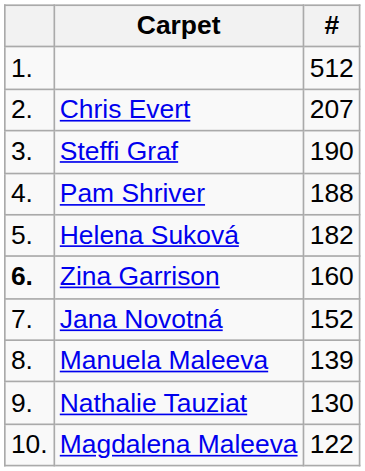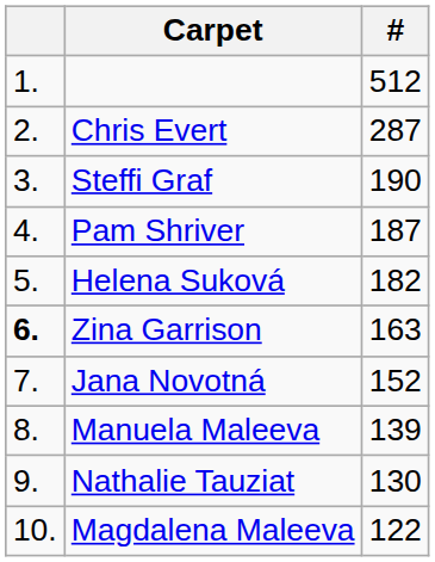 <table class="wikitable" style="display:inline-table">
 <tr>
 <th></th>
 <th>Carpet</th>
 <th>#</th>
 </tr>
 <tr>
 <td>1.</td>
 <td></td>
 <td>512</td>
 </tr>
 <tr>
 <td>2.</td>
 <td> <a href='#'>Chris Evert</a></td>
-<td>207</td>
+<td>287</td>
 </tr>
 <tr>
 <td>3.</td>
 <td> <a href='#'>Steffi Graf</a></td>
 <td>190</td>
 </tr>
 <tr>
 <td>4.</td>
 <td> <a href='#'>Pam Shriver</a></td>
-<td>188</td>
+<td>187</td>
 </tr>
 <tr>
 <td>5.</td>
 <td> <a href='#'>Helena Suková</a></td>
 <td>182</td>
 </tr>
 <tr>
 <td><strong>6.</strong></td>
 <td> <a href='#'>Zina Garrison</a></td>
-<td>160</td>
+<td>163</td>
 </tr>
 <tr>
 <td>7.</td>
 <td> <a href='#'>Jana Novotná</a></td>
 <td>152</td>
 </tr>
 <tr>
 <td>8.</td>
 <td> <a href='#'>Manuela Maleeva</a></td>
 <td>139</td>
 </tr>
 <tr>
 <td>9.</td>
 <td> <a href='#'>Nathalie Tauziat</a></td>
 <td>130</td>
 </tr>
 <tr>
 <td>10.</td>
 <td> <a href='#'>Magdalena Maleeva</a></td>
 <td>122</td>
 </tr>
 </table>
